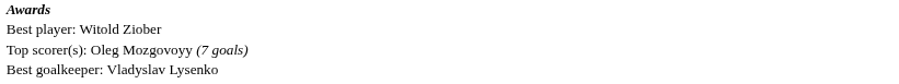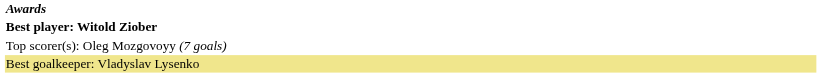 <table width=100% cellspacing=1 style="font-size: 90%;">
 <tr>
 <td><strong><em>Awards</em></strong></td>
 </tr>
 <tr>
-<td>Best player:  Witold Ziober</td>
+<td><strong>Best player:  Witold Ziober</strong></td>
 </tr>
 <tr>
 <td colspan=4>Top scorer(s):  Oleg Mozgovoyy <em>(7 goals)</em></td>
 </tr>
 <tr>
-<td>Best goalkeeper:  Vladyslav Lysenko</td>
+<td style="background: khaki;">Best goalkeeper:  Vladyslav Lysenko</td>
 </tr>
 </table>
